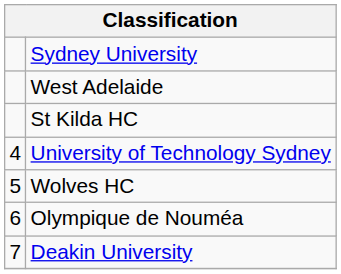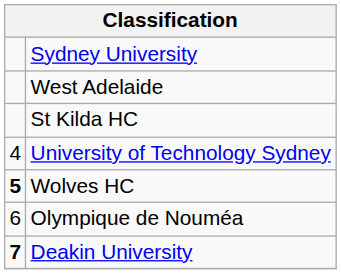 <table class="wikitable" font-size: 90%;>
 <tr>
 <th colspan=2>Classification</th>
 </tr>
 <tr valign="top">
 <td></td>
 <td> <a href='#'>Sydney University</a></td>
 </tr>
 <tr>
 <td></td>
 <td> West Adelaide</td>
 </tr>
 <tr>
 <td></td>
 <td> St Kilda HC</td>
 </tr>
 <tr>
 <td>4</td>
 <td> <a href='#'>University of Technology Sydney</a></td>
 </tr>
 <tr>
-<td>5</td>
+<td><strong>5</strong></td>
 <td> Wolves HC</td>
 </tr>
 <tr>
 <td>6</td>
 <td> Olympique de Nouméa</td>
 </tr>
 <tr>
-<td>7</td>
+<td><strong>7</strong></td>
 <td> <a href='#'>Deakin University</a></td>
 </tr>
 <tr>
 </tr>
 </table>
